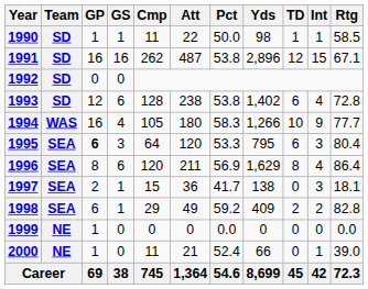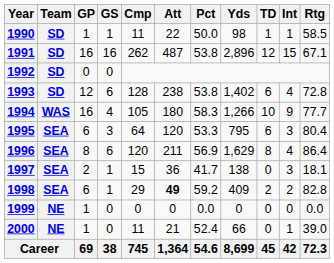 <table class=wikitable style="text-align:center">
 <tr>
 <th>Year</th>
 <th>Team</th>
 <th>GP</th>
 <th>GS</th>
 <th>Cmp</th>
 <th>Att</th>
 <th>Pct</th>
 <th>Yds</th>
 <th>TD</th>
 <th>Int</th>
 <th>Rtg</th>
 </tr>
 <tr>
 <th><a href='#'>1990</a></th>
 <th><a href='#'>SD</a></th>
 <td>1</td>
 <td>1</td>
 <td>11</td>
 <td>22</td>
 <td>50.0</td>
 <td>98</td>
 <td>1</td>
 <td>1</td>
 <td>58.5</td>
 </tr>
 <tr>
 <th><a href='#'>1991</a></th>
 <th><a href='#'>SD</a></th>
 <td>16</td>
 <td>16</td>
 <td>262</td>
 <td>487</td>
 <td>53.8</td>
 <td>2,896</td>
 <td>12</td>
 <td>15</td>
 <td>67.1</td>
 </tr>
 <tr>
 <th><a href='#'>1992</a></th>
 <th><a href='#'>SD</a></th>
 <td>0</td>
 <td>0</td>
 <td colspan="9"></td>
 </tr>
 <tr>
 <th><a href='#'>1993</a></th>
 <th><a href='#'>SD</a></th>
 <td>12</td>
 <td>6</td>
 <td>128</td>
 <td>238</td>
 <td>53.8</td>
 <td>1,402</td>
 <td>6</td>
 <td>4</td>
 <td>72.8</td>
 </tr>
 <tr>
 <th><a href='#'>1994</a></th>
 <th><a href='#'>WAS</a></th>
 <td>16</td>
 <td>4</td>
 <td>105</td>
 <td>180</td>
 <td>58.3</td>
 <td>1,266</td>
 <td>10</td>
 <td>9</td>
 <td>77.7</td>
 </tr>
 <tr>
 <th><a href='#'>1995</a></th>
 <th><a href='#'>SEA</a></th>
-<td><strong>6</strong></td>
+<td>6</td>
 <td>3</td>
 <td>64</td>
 <td>120</td>
 <td>53.3</td>
 <td>795</td>
 <td>6</td>
 <td>3</td>
 <td>80.4</td>
 </tr>
 <tr>
 <th><a href='#'>1996</a></th>
 <th><a href='#'>SEA</a></th>
 <td>8</td>
 <td>6</td>
 <td>120</td>
 <td>211</td>
 <td>56.9</td>
 <td>1,629</td>
 <td>8</td>
 <td>4</td>
 <td>86.4</td>
 </tr>
 <tr>
 <th><a href='#'>1997</a></th>
 <th><a href='#'>SEA</a></th>
 <td>2</td>
 <td>1</td>
 <td>15</td>
 <td>36</td>
 <td>41.7</td>
 <td>138</td>
 <td>0</td>
 <td>3</td>
 <td>18.1</td>
 </tr>
 <tr>
 <th><a href='#'>1998</a></th>
 <th><a href='#'>SEA</a></th>
 <td>6</td>
 <td>1</td>
 <td>29</td>
-<td>49</td>
+<td><strong>49</strong></td>
 <td>59.2</td>
 <td>409</td>
 <td>2</td>
 <td>2</td>
 <td>82.8</td>
 </tr>
 <tr>
 <th><a href='#'>1999</a></th>
 <th><a href='#'>NE</a></th>
 <td>1</td>
 <td>0</td>
 <td>0</td>
 <td>0</td>
 <td>0.0</td>
 <td>0</td>
 <td>0</td>
 <td>0</td>
 <td>0.0</td>
 </tr>
 <tr>
 <th><a href='#'>2000</a></th>
 <th><a href='#'>NE</a></th>
 <td>1</td>
 <td>0</td>
 <td>11</td>
 <td>21</td>
 <td>52.4</td>
 <td>66</td>
 <td>0</td>
 <td>1</td>
 <td>39.0</td>
 </tr>
 <tr>
 <th colspan="2">Career</th>
 <th>69</th>
 <th>38</th>
 <th>745</th>
 <th>1,364</th>
 <th>54.6</th>
 <th>8,699</th>
 <th>45</th>
 <th>42</th>
 <th>72.3</th>
 </tr>
 </table>
